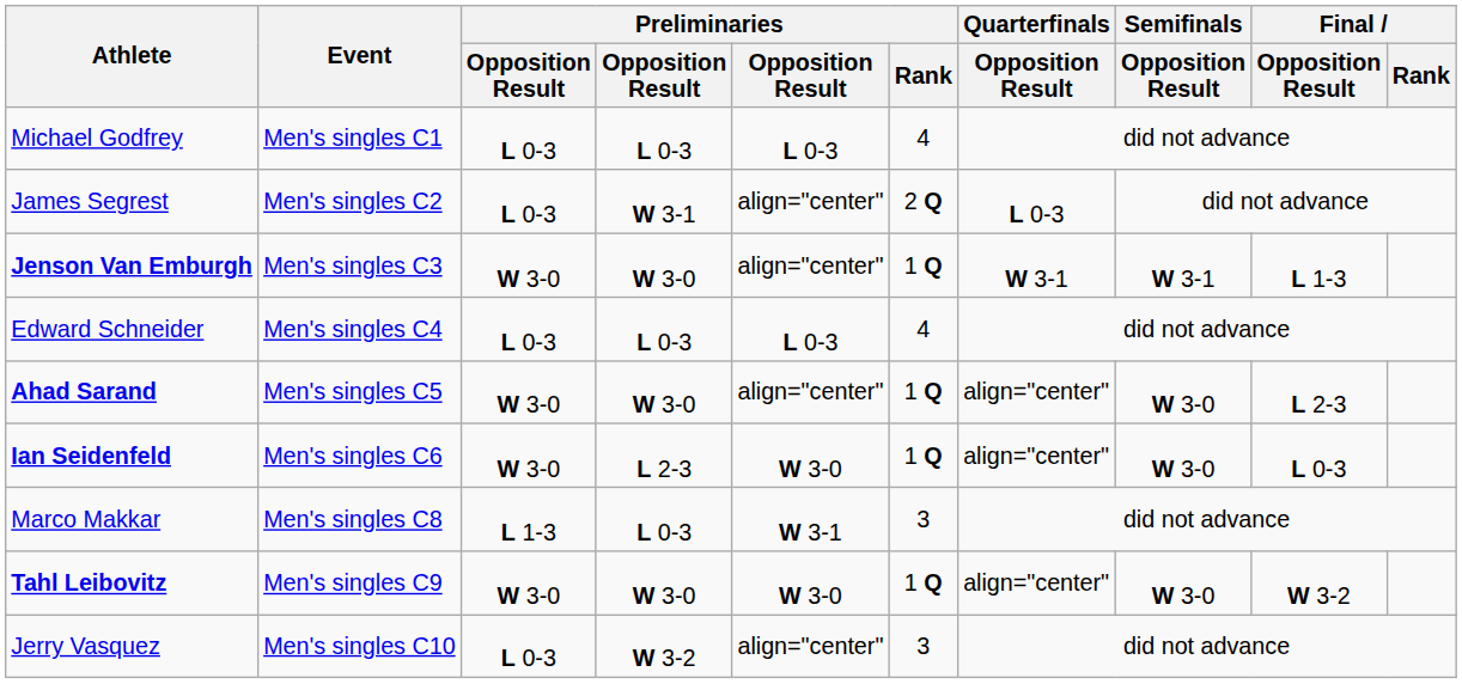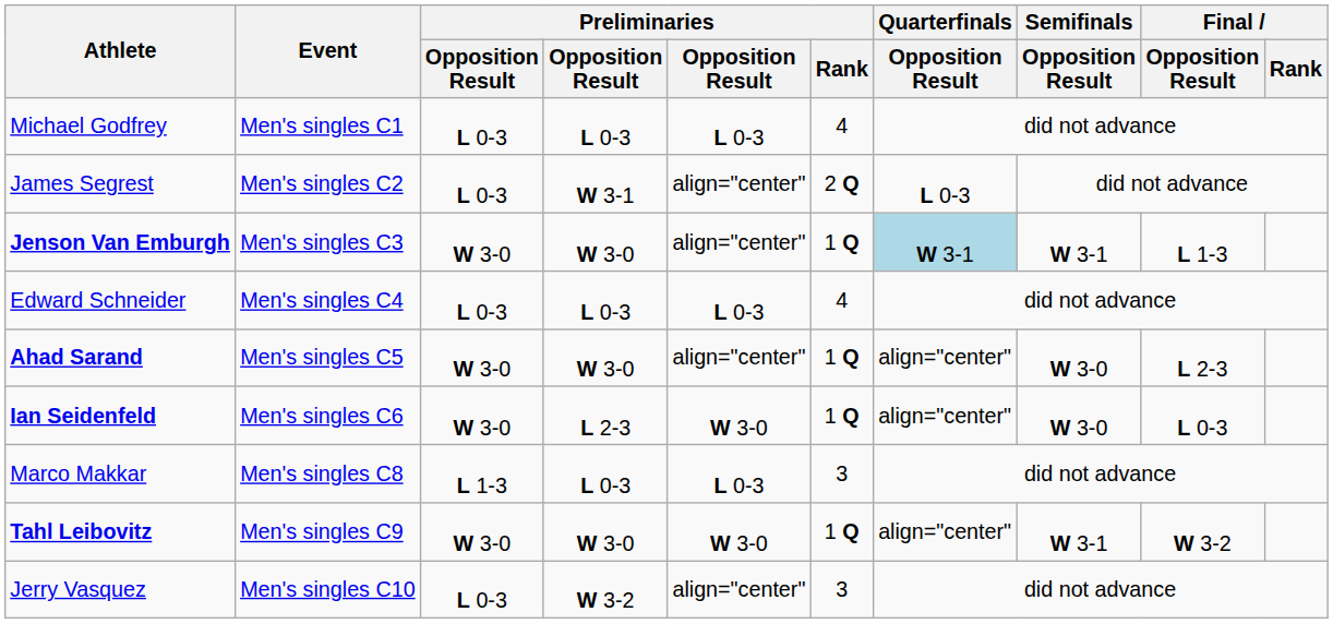 <table class=wikitable style="font-size:90%">
 <tr>
 <th rowspan="2">Athlete</th>
 <th rowspan="2">Event</th>
 <th colspan="4">Preliminaries</th>
 <th>Quarterfinals</th>
 <th>Semifinals</th>
 <th colspan="2">Final / </th>
 </tr>
 <tr>
 <th>Opposition<br>Result</th>
 <th>Opposition<br>Result</th>
 <th>Opposition<br>Result</th>
 <th>Rank</th>
 <th>Opposition<br>Result</th>
 <th>Opposition<br>Result</th>
 <th>Opposition<br>Result</th>
 <th>Rank</th>
 </tr>
 <tr>
 <td><a href='#'>Michael Godfrey</a></td>
 <td><a href='#'>Men's singles C1</a></td>
 <td align="center"><br><strong>L</strong> 0-3</td>
 <td align="center"><br><strong>L</strong> 0-3</td>
 <td align="center"><br><strong>L</strong> 0-3</td>
 <td align="center">4</td>
 <td align="center" colspan=4>did not advance</td>
 </tr>
 <tr>
 <td><a href='#'>James Segrest</a></td>
 <td><a href='#'>Men's singles C2</a></td>
 <td align="center"><br><strong>L</strong> 0-3</td>
 <td align="center"><br><strong>W</strong> 3-1</td>
 <td>align="center" </td>
 <td align="center">2 <strong>Q</strong></td>
 <td align="center"><br><strong>L</strong> 0-3</td>
 <td align="center" colspan=3>did not advance</td>
 </tr>
 <tr>
 <td><strong><a href='#'>Jenson Van Emburgh</a></strong></td>
 <td><a href='#'>Men's singles C3</a></td>
 <td align="center"><br><strong>W</strong> 3-0</td>
 <td align="center"><br><strong>W</strong> 3-0</td>
 <td>align="center" </td>
 <td align="center">1 <strong>Q</strong></td>
-<td align="center"><br><strong>W</strong> 3-1</td>
+<td align="center" style="background: lightblue;"><br><strong>W</strong> 3-1</td>
 <td align="center"><br><strong>W</strong> 3-1</td>
 <td align="center"><br><strong>L</strong> 1-3</td>
 <td align="center"></td>
 </tr>
 <tr>
 <td><a href='#'>Edward Schneider</a></td>
 <td><a href='#'>Men's singles C4</a></td>
 <td align="center"><br><strong>L</strong> 0-3</td>
 <td align="center"><br><strong>L</strong> 0-3</td>
 <td align="center"><br><strong>L</strong> 0-3</td>
 <td align="center">4</td>
 <td align="center" colspan=4>did not advance</td>
 </tr>
 <tr>
 <td><strong><a href='#'>Ahad Sarand</a></strong></td>
 <td><a href='#'>Men's singles C5</a></td>
 <td align="center"><br><strong>W</strong> 3-0</td>
 <td align="center"><br><strong>W</strong> 3-0</td>
 <td>align="center" </td>
 <td align="center">1 <strong>Q</strong></td>
 <td>align="center" </td>
 <td align="center"><br><strong>W</strong> 3-0</td>
 <td align="center"><br><strong>L</strong> 2-3</td>
 <td align="center"></td>
 </tr>
 <tr>
 <td><strong><a href='#'>Ian Seidenfeld</a></strong></td>
 <td><a href='#'>Men's singles C6</a></td>
 <td align="center"><br><strong>W</strong> 3-0</td>
 <td align="center"><br><strong>L</strong> 2-3</td>
 <td align="center"><br><strong>W</strong> 3-0</td>
 <td align="center">1 <strong>Q</strong></td>
 <td>align="center" </td>
 <td align="center"><br><strong>W</strong> 3-0</td>
 <td align="center"><br><strong>L</strong> 0-3</td>
 <td align="center"></td>
 </tr>
 <tr>
 <td><a href='#'>Marco Makkar</a></td>
 <td><a href='#'>Men's singles C8</a></td>
 <td align="center"><br><strong>L</strong> 1-3</td>
 <td align="center"><br><strong>L</strong> 0-3</td>
-<td align="center"><br><strong>W</strong> 3-1</td>
+<td align="center"><br><strong>L</strong> 0-3</td>
 <td align="center">3</td>
 <td align="center" colspan=4>did not advance</td>
 </tr>
 <tr>
 <td><strong><a href='#'>Tahl Leibovitz</a></strong></td>
 <td><a href='#'>Men's singles C9</a></td>
 <td align="center"><br><strong>W</strong> 3-0</td>
 <td align="center"><br><strong>W</strong> 3-0</td>
 <td align="center"><br><strong>W</strong> 3-0</td>
 <td align="center">1 <strong>Q</strong></td>
 <td>align="center" </td>
-<td align="center"><br><strong>W</strong> 3-0</td>
+<td align="center"><br><strong>W</strong> 3-1</td>
 <td align="center"><br><strong>W</strong> 3-2</td>
 <td align="center"></td>
 </tr>
 <tr>
 <td><a href='#'>Jerry Vasquez</a></td>
 <td><a href='#'>Men's singles C10</a></td>
 <td align="center"><br><strong>L</strong> 0-3</td>
 <td align="center"><br><strong>W</strong> 3-2</td>
 <td>align="center" </td>
 <td align="center">3</td>
 <td align="center" colspan=4>did not advance</td>
 </tr>
 </table>
